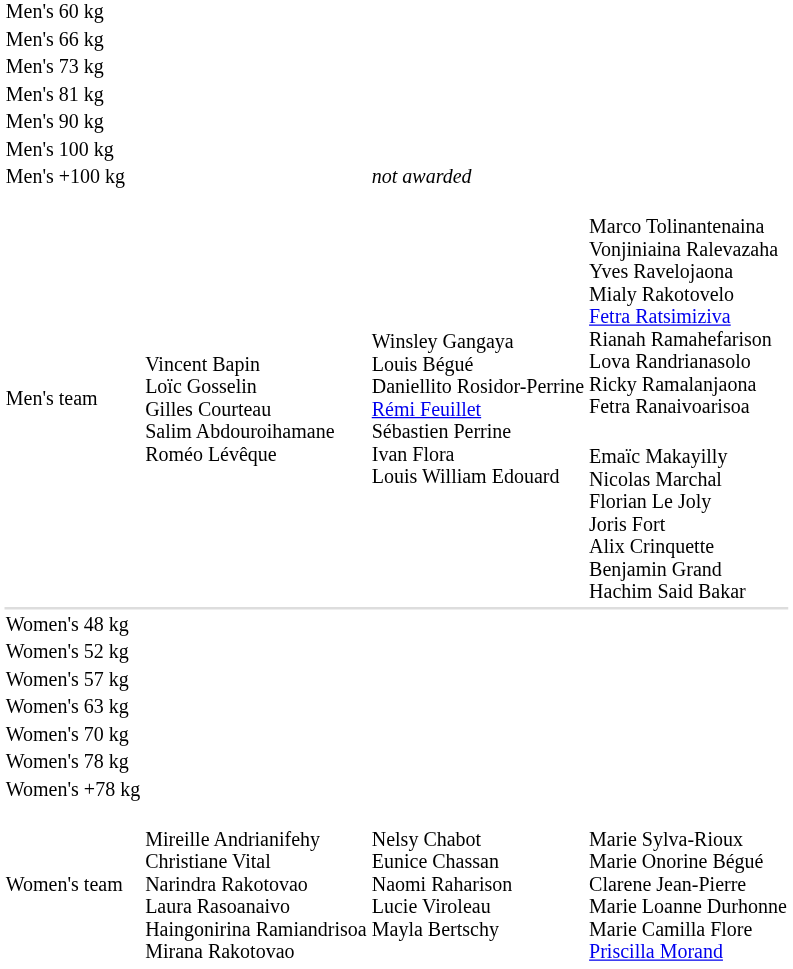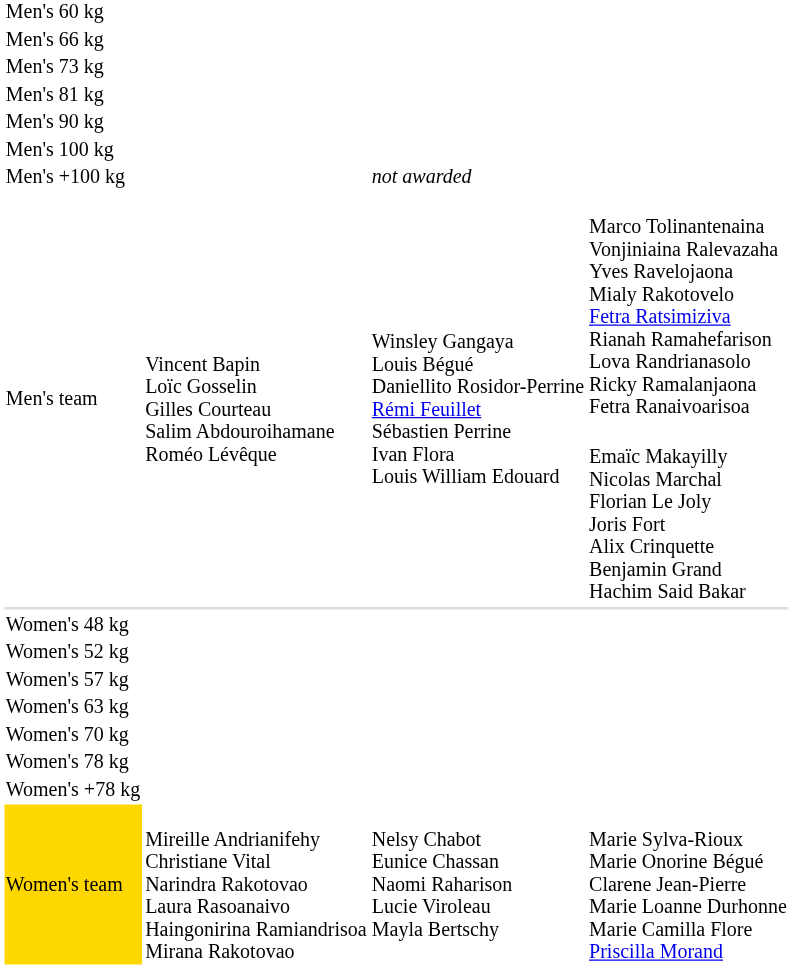 <table>
 <tr>
 <td rowspan=2 nowrap>Men's 60 kg</td>
 <td rowspan=2></td>
 <td rowspan=2></td>
 <td></td>
 </tr>
 <tr>
 <td></td>
 </tr>
 <tr>
 <td rowspan=2>Men's 66 kg</td>
 <td rowspan=2></td>
 <td rowspan=2></td>
 <td></td>
 </tr>
 <tr>
 <td></td>
 </tr>
 <tr>
 <td rowspan=2>Men's 73 kg</td>
 <td rowspan=2></td>
 <td rowspan=2></td>
 <td></td>
 </tr>
 <tr>
 <td></td>
 </tr>
 <tr>
 <td rowspan=2>Men's 81 kg</td>
 <td rowspan=2></td>
 <td rowspan=2></td>
 <td></td>
 </tr>
 <tr>
 <td></td>
 </tr>
 <tr>
 <td rowspan=2>Men's 90 kg</td>
 <td rowspan=2></td>
 <td rowspan=2></td>
 <td></td>
 </tr>
 <tr>
 <td></td>
 </tr>
 <tr>
 <td rowspan=2>Men's 100 kg</td>
 <td rowspan=2></td>
 <td rowspan=2 nowrap></td>
 <td></td>
 </tr>
 <tr>
 <td></td>
 </tr>
 <tr>
 <td rowspan=2>Men's +100 kg</td>
 <td rowspan=2></td>
 <td rowspan=2><em>not awarded</em></td>
 <td></td>
 </tr>
 <tr>
 <td></td>
 </tr>
 <tr>
 <td rowspan=2>Men's team</td>
 <td rowspan=2><br>Vincent Bapin<br>Loïc Gosselin<br>Gilles Courteau<br>Salim Abdouroihamane<br>Roméo Lévêque</td>
 <td rowspan=2><br>Winsley Gangaya<br>Louis Bégué<br>Daniellito Rosidor-Perrine<br><a href='#'>Rémi Feuillet</a><br>Sébastien Perrine<br>Ivan Flora<br>Louis William Edouard</td>
 <td><br>Marco Tolinantenaina<br>Vonjiniaina Ralevazaha<br>Yves Ravelojaona<br>Mialy Rakotovelo<br><a href='#'>Fetra Ratsimiziva</a><br>Rianah Ramahefarison<br>Lova Randrianasolo<br>Ricky Ramalanjaona<br>Fetra Ranaivoarisoa</td>
 </tr>
 <tr>
 <td><br>Emaïc Makayilly<br>Nicolas Marchal<br>Florian Le Joly<br>Joris Fort<br>Alix Crinquette<br>Benjamin Grand<br>Hachim Said Bakar</td>
 </tr>
 <tr bgcolor=#dddddd>
 <td colspan=4></td>
 </tr>
 <tr>
 <td rowspan=2>Women's 48 kg</td>
 <td rowspan=2></td>
 <td rowspan=2></td>
 <td></td>
 </tr>
 <tr>
 <td></td>
 </tr>
 <tr>
 <td rowspan=2>Women's 52 kg</td>
 <td rowspan=2></td>
 <td rowspan=2></td>
 <td></td>
 </tr>
 <tr>
 <td></td>
 </tr>
 <tr>
 <td rowspan=2>Women's 57 kg</td>
 <td rowspan=2></td>
 <td rowspan=2></td>
 <td></td>
 </tr>
 <tr>
 <td></td>
 </tr>
 <tr>
 <td rowspan=2>Women's 63 kg</td>
 <td rowspan=2></td>
 <td rowspan=2></td>
 <td></td>
 </tr>
 <tr>
 <td></td>
 </tr>
 <tr>
 <td rowspan=2>Women's 70 kg</td>
 <td rowspan=2></td>
 <td rowspan=2></td>
 <td></td>
 </tr>
 <tr>
 <td></td>
 </tr>
 <tr>
 <td rowspan=2>Women's 78 kg</td>
 <td rowspan=2></td>
 <td rowspan=2 nowrap></td>
 <td></td>
 </tr>
 <tr>
 <td></td>
 </tr>
 <tr>
 <td rowspan=2>Women's +78 kg</td>
 <td rowspan=2></td>
 <td rowspan=2></td>
 <td nowrap></td>
 </tr>
 <tr>
 <td></td>
 </tr>
 <tr>
-<td>Women's team</td>
+<td style="background: gold;">Women's team</td>
 <td nowrap><br>Mireille Andrianifehy<br>Christiane Vital<br>Narindra Rakotovao<br>Laura Rasoanaivo<br>Haingonirina Ramiandrisoa<br>Mirana Rakotovao</td>
 <td valign=top><br>Nelsy Chabot<br>Eunice Chassan<br>Naomi Raharison<br>Lucie Viroleau<br>Mayla Bertschy</td>
 <td><br>Marie Sylva-Rioux<br>Marie Onorine Bégué<br>Clarene Jean-Pierre<br>Marie Loanne Durhonne<br>Marie Camilla Flore<br><a href='#'>Priscilla Morand</a></td>
 </tr>
 </table>
